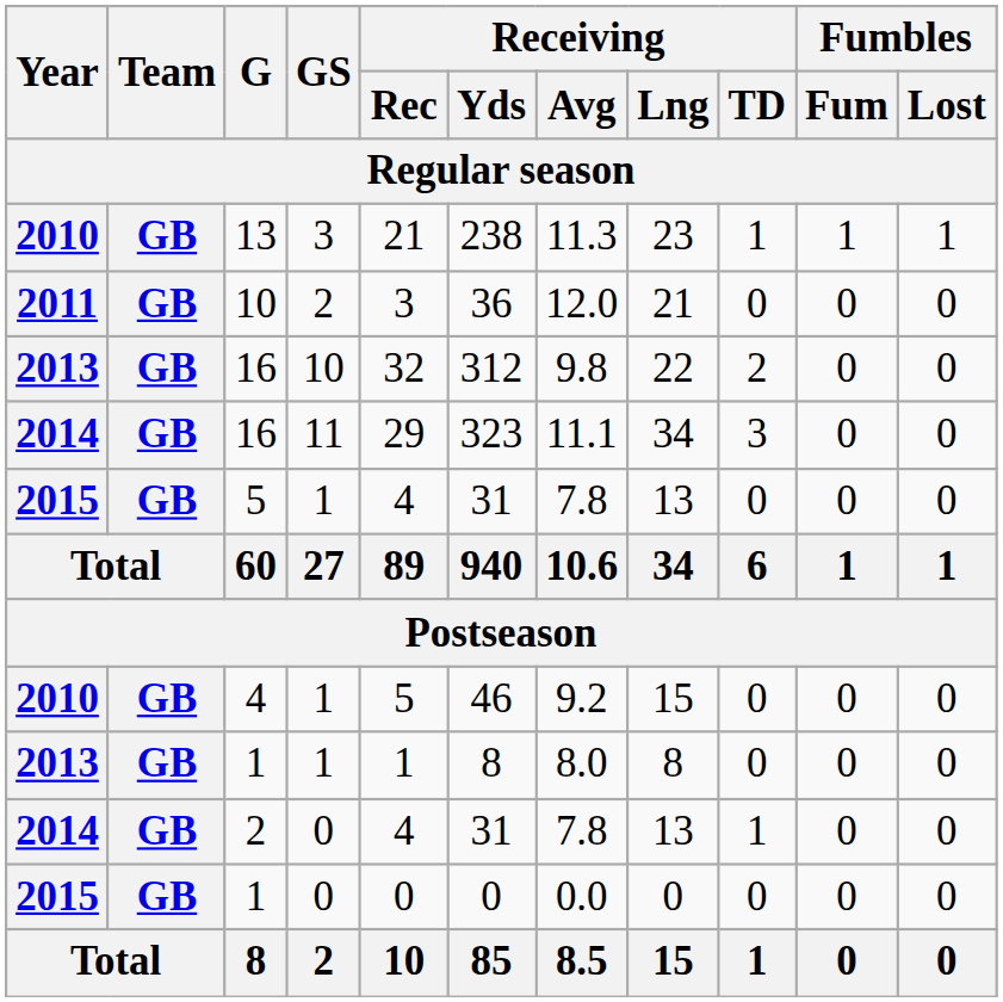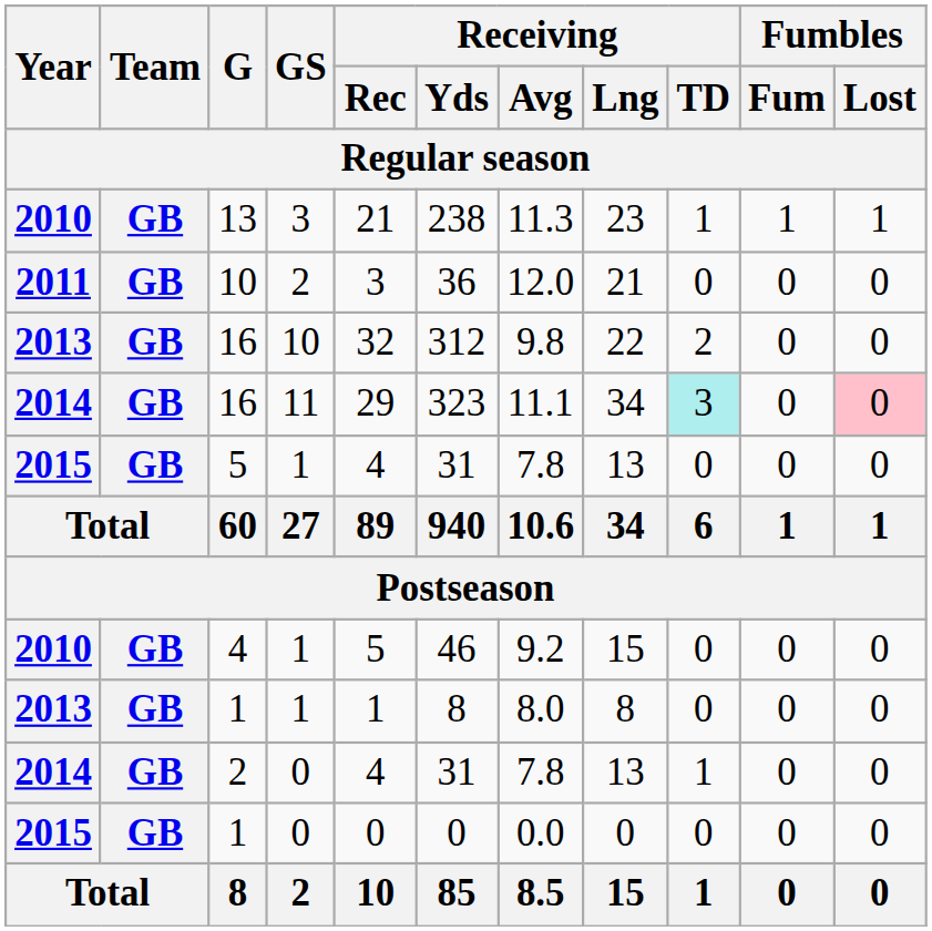 <table class="wikitable" style="text-align: center;">
 <tr>
 <th rowspan="2">Year</th>
 <th rowspan="2">Team</th>
 <th rowspan="2">G</th>
 <th rowspan="2">GS</th>
 <th colspan="5">Receiving</th>
 <th colspan="2">Fumbles</th>
 </tr>
 <tr>
 <th>Rec</th>
 <th>Yds</th>
 <th>Avg</th>
 <th>Lng</th>
 <th>TD</th>
 <th>Fum</th>
 <th>Lost</th>
 </tr>
 <tr>
 <th colspan=11><strong>Regular season</strong></th>
 </tr>
 <tr>
 <th><a href='#'>2010</a></th>
 <th><a href='#'>GB</a></th>
 <td>13</td>
 <td>3</td>
 <td>21</td>
 <td>238</td>
 <td>11.3</td>
 <td>23</td>
 <td>1</td>
 <td>1</td>
 <td>1</td>
 </tr>
 <tr>
 <th><a href='#'>2011</a></th>
 <th><a href='#'>GB</a></th>
 <td>10</td>
 <td>2</td>
 <td>3</td>
 <td>36</td>
 <td>12.0</td>
 <td>21</td>
 <td>0</td>
 <td>0</td>
 <td>0</td>
 </tr>
 <tr>
 <th><a href='#'>2013</a></th>
 <th><a href='#'>GB</a></th>
 <td>16</td>
 <td>10</td>
 <td>32</td>
 <td>312</td>
 <td>9.8</td>
 <td>22</td>
 <td>2</td>
 <td>0</td>
 <td>0</td>
 </tr>
 <tr>
 <th><a href='#'>2014</a></th>
 <th><a href='#'>GB</a></th>
 <td>16</td>
 <td>11</td>
 <td>29</td>
 <td>323</td>
 <td>11.1</td>
 <td>34</td>
-<td>3</td>
+<td style="background: paleturquoise;">3</td>
 <td>0</td>
-<td>0</td>
+<td style="background: pink;">0</td>
 </tr>
 <tr>
 <th><a href='#'>2015</a></th>
 <th><a href='#'>GB</a></th>
 <td>5</td>
 <td>1</td>
 <td>4</td>
 <td>31</td>
 <td>7.8</td>
 <td>13</td>
 <td>0</td>
 <td>0</td>
 <td>0</td>
 </tr>
 <tr>
 <th colspan="2">Total</th>
 <th>60</th>
 <th>27</th>
 <th>89</th>
 <th>940</th>
 <th>10.6</th>
 <th>34</th>
 <th>6</th>
 <th>1</th>
 <th>1</th>
 </tr>
 <tr>
 <th colspan=11><strong>Postseason</strong></th>
 </tr>
 <tr>
 <th><a href='#'>2010</a></th>
 <th><a href='#'>GB</a></th>
 <td>4</td>
 <td>1</td>
 <td>5</td>
 <td>46</td>
 <td>9.2</td>
 <td>15</td>
 <td>0</td>
 <td>0</td>
 <td>0</td>
 </tr>
 <tr>
 <th><a href='#'>2013</a></th>
 <th><a href='#'>GB</a></th>
 <td>1</td>
 <td>1</td>
 <td>1</td>
 <td>8</td>
 <td>8.0</td>
 <td>8</td>
 <td>0</td>
 <td>0</td>
 <td>0</td>
 </tr>
 <tr>
 <th><a href='#'>2014</a></th>
 <th><a href='#'>GB</a></th>
 <td>2</td>
 <td>0</td>
 <td>4</td>
 <td>31</td>
 <td>7.8</td>
 <td>13</td>
 <td>1</td>
 <td>0</td>
 <td>0</td>
 </tr>
 <tr>
 <th><a href='#'>2015</a></th>
 <th><a href='#'>GB</a></th>
 <td>1</td>
 <td>0</td>
 <td>0</td>
 <td>0</td>
 <td>0.0</td>
 <td>0</td>
 <td>0</td>
 <td>0</td>
 <td>0</td>
 </tr>
 <tr>
 <th colspan="2">Total</th>
 <th>8</th>
 <th>2</th>
 <th>10</th>
 <th>85</th>
 <th>8.5</th>
 <th>15</th>
 <th>1</th>
 <th>0</th>
 <th>0</th>
 </tr>
 </table>
